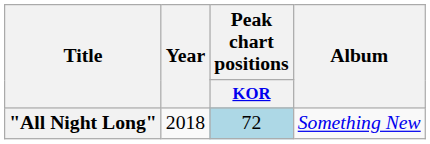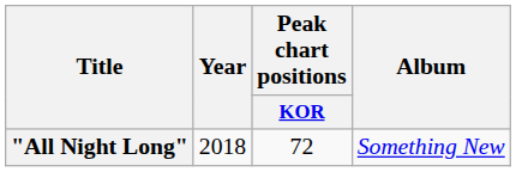 <table class="wikitable plainrowheaders" style="text-align:center;">
 <tr>
 <th rowspan="2" scope="col">Title</th>
 <th rowspan="2" scope="col">Year</th>
 <th>Peak chart positions</th>
 <th rowspan="2" scope="col">Album</th>
 </tr>
 <tr>
 <th style="width:2.5em;font-size:85%;"><a href='#'>KOR</a><br></th>
 </tr>
 <tr>
 <th scope=row>"All Night Long" <br></th>
 <td rowspan=1>2018</td>
-<td style="background: lightblue;">72</td>
+<td>72</td>
 <td><em><a href='#'>Something New</a></em></td>
 </tr>
 </table>
